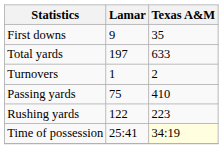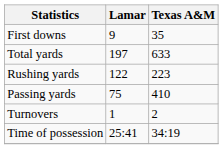 <table class="wikitable" style="float: left;">
 <tr>
 <th>Statistics</th>
 <th>Lamar</th>
 <th>Texas A&M</th>
 </tr>
 <tr>
 <td>First downs</td>
 <td>9</td>
 <td>35</td>
 </tr>
 <tr>
 <td>Total yards</td>
 <td>197</td>
 <td>633</td>
 </tr>
 <tr>
-<td>Turnovers</td>
-<td>1</td>
-<td>2</td>
+<td>Rushing yards</td>
+<td>122</td>
+<td>223</td>
 </tr>
 <tr>
 <td>Passing yards</td>
 <td>75</td>
 <td>410</td>
 </tr>
 <tr>
-<td>Rushing yards</td>
-<td>122</td>
-<td>223</td>
+<td>Turnovers</td>
+<td>1</td>
+<td>2</td>
 </tr>
 <tr>
 <td>Time of possession</td>
 <td>25:41</td>
-<td style="background: lightyellow;">34:19</td>
+<td>34:19</td>
 </tr>
 <tr>
 </tr>
 </table>
